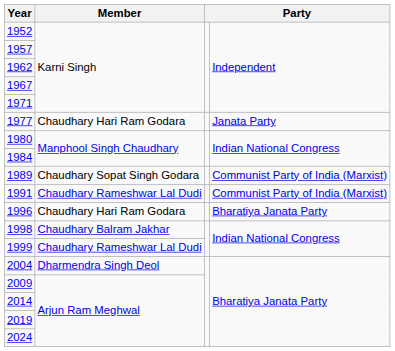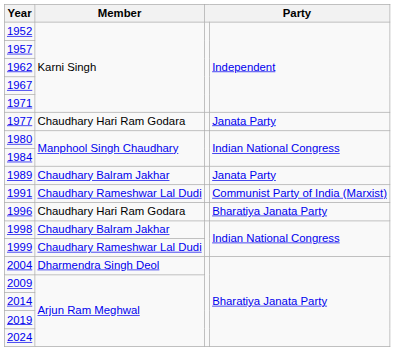 <table class="wikitable">
 <tr>
 <th>Year</th>
 <th>Member</th>
 <th colspan="2">Party</th>
 </tr>
 <tr>
 <td><a href='#'>1952</a></td>
 <td rowspan="5">Karni Singh</td>
 <td rowspan="5" style="background-color: "></td>
 <td rowspan="5"><a href='#'>Independent</a></td>
 </tr>
 <tr>
 <td><a href='#'>1957</a></td>
 </tr>
 <tr>
 <td><a href='#'>1962</a></td>
 </tr>
 <tr>
 <td><a href='#'>1967</a></td>
 </tr>
 <tr>
 <td><a href='#'>1971</a></td>
 </tr>
 <tr>
 <td><a href='#'>1977</a></td>
 <td>Chaudhary Hari Ram  Godara</td>
 <td style="background-color: "></td>
 <td><a href='#'>Janata Party</a></td>
 </tr>
 <tr>
 <td><a href='#'>1980</a></td>
 <td rowspan="2"><a href='#'>Manphool Singh Chaudhary</a></td>
 <td rowspan="2" style="background-color: "></td>
 <td rowspan="2"><a href='#'>Indian National Congress</a></td>
 </tr>
 <tr>
 <td><a href='#'>1984</a></td>
 </tr>
 <tr>
 <td><a href='#'>1989</a></td>
-<td>Chaudhary Sopat Singh Godara</td>
+<td><a href='#'>Chaudhary Balram Jakhar</a></td>
 <td style="background-color: "></td>
-<td><a href='#'>Communist Party of India (Marxist)</a></td>
+<td><a href='#'>Janata Party</a></td>
 </tr>
 <tr>
 <td><a href='#'>1991</a></td>
 <td><a href='#'>Chaudhary Rameshwar Lal Dudi</a></td>
 <td style="background-color: "></td>
 <td><a href='#'>Communist Party of India (Marxist)</a></td>
 </tr>
 <tr>
 <td><a href='#'>1996</a></td>
 <td>Chaudhary Hari Ram  Godara</td>
 <td style="background-color: "></td>
 <td><a href='#'>Bharatiya Janata Party</a></td>
 </tr>
 <tr>
 <td><a href='#'>1998</a></td>
 <td><a href='#'>Chaudhary Balram Jakhar</a></td>
 <td rowspan="2" style="background-color: "></td>
 <td rowspan="2"><a href='#'>Indian National Congress</a></td>
 </tr>
 <tr>
 <td><a href='#'>1999</a></td>
 <td><a href='#'>Chaudhary Rameshwar Lal Dudi</a></td>
 </tr>
 <tr>
 <td><a href='#'>2004</a></td>
 <td><a href='#'>Dharmendra Singh Deol</a></td>
 <td rowspan="5" style="background-color: "></td>
 <td rowspan="5"><a href='#'>Bharatiya Janata Party</a></td>
 </tr>
 <tr>
 <td><a href='#'>2009</a></td>
 <td rowspan="4"><a href='#'>Arjun Ram Meghwal</a></td>
 </tr>
 <tr>
 <td><a href='#'>2014</a></td>
 </tr>
 <tr>
 <td><a href='#'>2019</a></td>
 </tr>
 <tr>
 <td><a href='#'>2024</a></td>
 </tr>
 </table>
